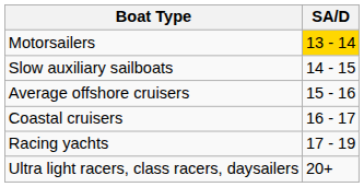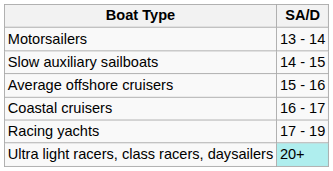 <table class="wikitable">
 <tr>
 <th>Boat Type</th>
 <th>SA/D</th>
 </tr>
 <tr>
 <td>Motorsailers</td>
-<td style="background: gold;">13 - 14</td>
+<td>13 - 14</td>
 </tr>
 <tr>
 <td>Slow auxiliary sailboats</td>
 <td>14 - 15</td>
 </tr>
 <tr>
 <td>Average offshore cruisers</td>
 <td>15 - 16</td>
 </tr>
 <tr>
 <td>Coastal cruisers</td>
 <td>16 - 17</td>
 </tr>
 <tr>
 <td>Racing yachts</td>
 <td>17 - 19</td>
 </tr>
 <tr>
 <td>Ultra light racers, class racers, daysailers</td>
-<td>20+</td>
+<td style="background: paleturquoise;">20+</td>
 </tr>
 </table>
